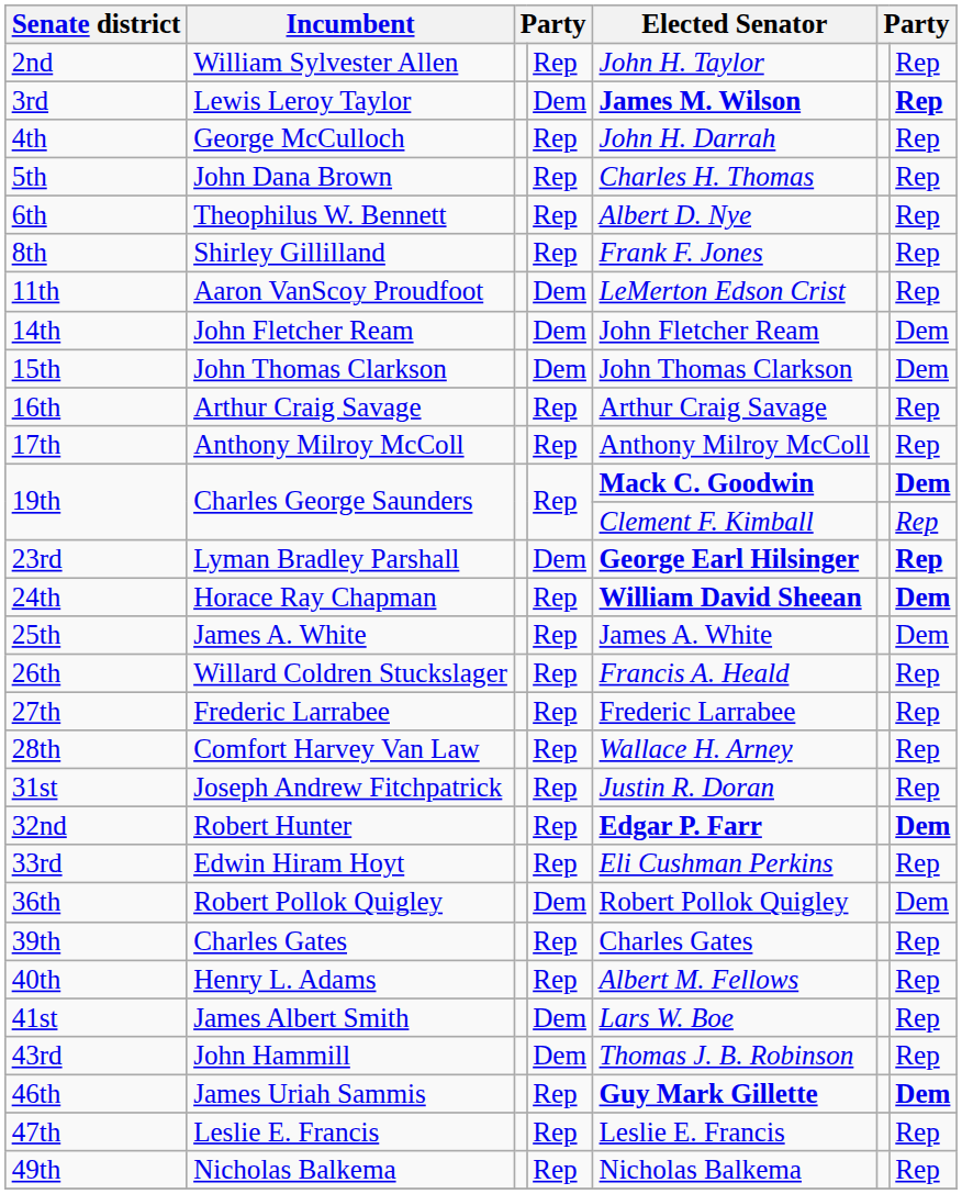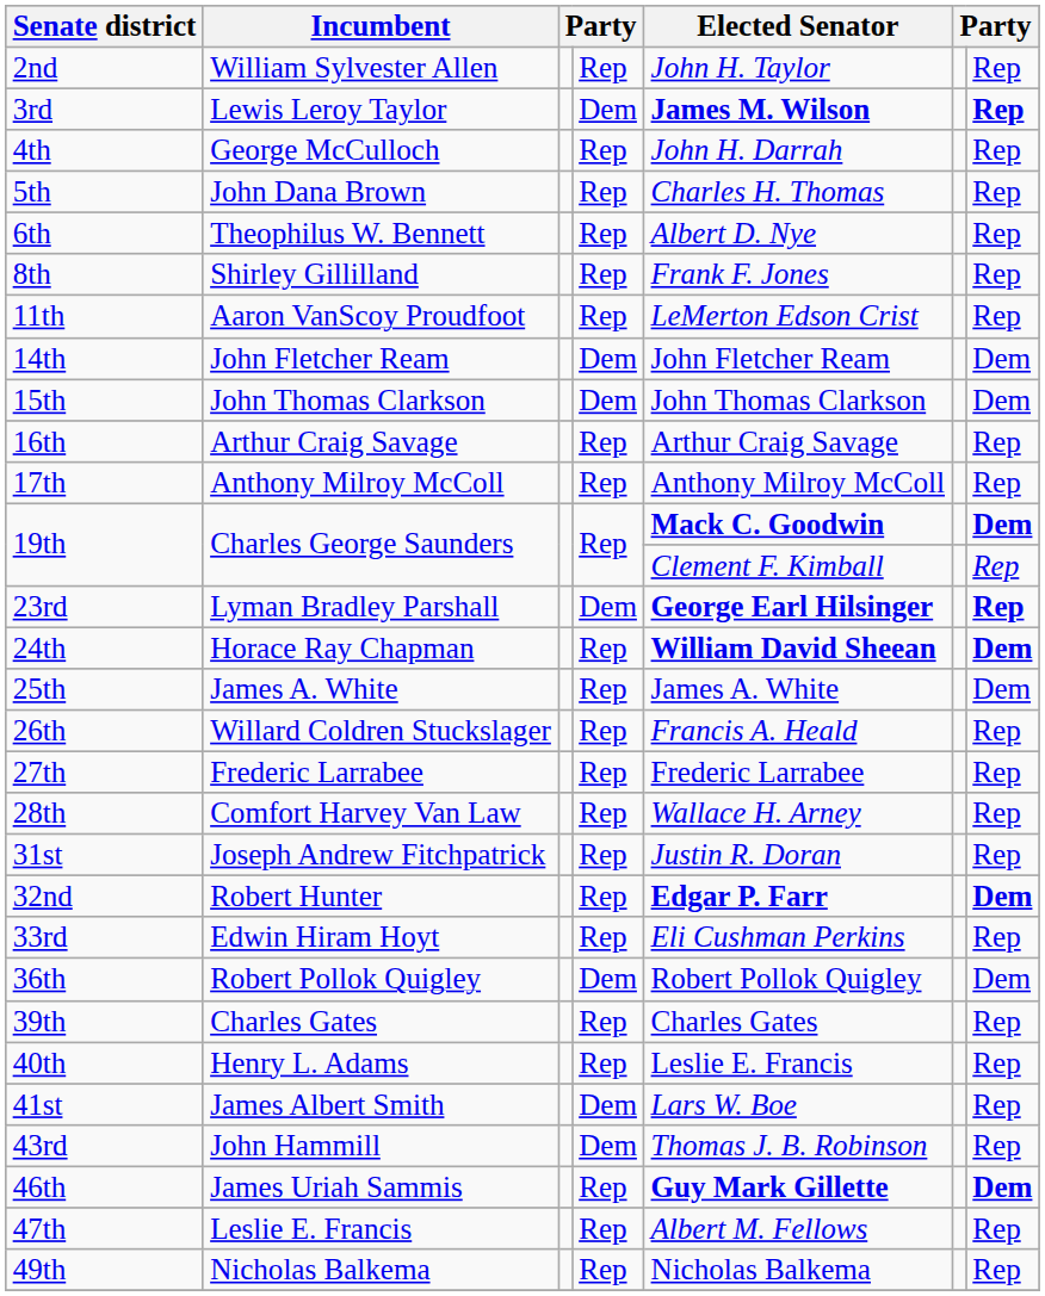 <table class="sortable wikitable" style="font-size:95%;line-height:14px;">
 <tr>
 <th class="sortable"><a href='#'>Senate</a> district</th>
 <th class="unsortable"><a href='#'>Incumbent</a></th>
 <th colspan="2">Party</th>
 <th class="unsortable">Elected Senator</th>
 <th colspan="2">Party</th>
 </tr>
 <tr>
 <td><a href='#'>2nd</a></td>
 <td><a href='#'>William Sylvester Allen</a></td>
 <td style="background:"></td>
 <td><a href='#'>Rep</a></td>
 <td><em><a href='#'>John H. Taylor</a></em></td>
 <td style="background:"></td>
 <td><a href='#'>Rep</a></td>
 </tr>
 <tr>
 <td><a href='#'>3rd</a></td>
 <td><a href='#'>Lewis Leroy Taylor</a></td>
 <td style="background:"></td>
 <td><a href='#'>Dem</a></td>
 <td><strong><a href='#'>James M. Wilson</a></strong></td>
 <td style="background:"></td>
 <td><strong><a href='#'>Rep</a></strong></td>
 </tr>
 <tr>
 <td><a href='#'>4th</a></td>
 <td><a href='#'>George McCulloch</a></td>
 <td style="background:"></td>
 <td><a href='#'>Rep</a></td>
 <td><em><a href='#'>John H. Darrah</a></em></td>
 <td style="background:"></td>
 <td><a href='#'>Rep</a></td>
 </tr>
 <tr>
 <td><a href='#'>5th</a></td>
 <td><a href='#'>John Dana Brown</a></td>
 <td style="background:"></td>
 <td><a href='#'>Rep</a></td>
 <td><em><a href='#'>Charles H. Thomas</a></em></td>
 <td style="background:"></td>
 <td><a href='#'>Rep</a></td>
 </tr>
 <tr>
 <td><a href='#'>6th</a></td>
 <td><a href='#'>Theophilus W. Bennett</a></td>
 <td style="background:"></td>
 <td><a href='#'>Rep</a></td>
 <td><em><a href='#'>Albert D. Nye</a></em></td>
 <td style="background:"></td>
 <td><a href='#'>Rep</a></td>
 </tr>
 <tr>
 <td><a href='#'>8th</a></td>
 <td><a href='#'>Shirley Gillilland</a></td>
 <td style="background:"></td>
 <td><a href='#'>Rep</a></td>
 <td><em><a href='#'>Frank F. Jones</a></em></td>
 <td style="background:"></td>
 <td><a href='#'>Rep</a></td>
 </tr>
 <tr>
 <td><a href='#'>11th</a></td>
 <td><a href='#'>Aaron VanScoy Proudfoot</a></td>
 <td style="background:"></td>
-<td><a href='#'>Dem</a></td>
+<td><a href='#'>Rep</a></td>
 <td><em><a href='#'>LeMerton Edson Crist</a></em></td>
 <td style="background:"></td>
 <td><a href='#'>Rep</a></td>
 </tr>
 <tr>
 <td><a href='#'>14th</a></td>
 <td><a href='#'>John Fletcher Ream</a></td>
 <td style="background:"></td>
 <td><a href='#'>Dem</a></td>
 <td><a href='#'>John Fletcher Ream</a></td>
 <td style="background:"></td>
 <td><a href='#'>Dem</a></td>
 </tr>
 <tr>
 <td><a href='#'>15th</a></td>
 <td><a href='#'>John Thomas Clarkson</a></td>
 <td style="background:"></td>
 <td><a href='#'>Dem</a></td>
 <td><a href='#'>John Thomas Clarkson</a></td>
 <td style="background:"></td>
 <td><a href='#'>Dem</a></td>
 </tr>
 <tr>
 <td><a href='#'>16th</a></td>
 <td><a href='#'>Arthur Craig Savage</a></td>
 <td style="background:"></td>
 <td><a href='#'>Rep</a></td>
 <td><a href='#'>Arthur Craig Savage</a></td>
 <td style="background:"></td>
 <td><a href='#'>Rep</a></td>
 </tr>
 <tr>
 <td><a href='#'>17th</a></td>
 <td><a href='#'>Anthony Milroy McColl</a></td>
 <td style="background:"></td>
 <td><a href='#'>Rep</a></td>
 <td><a href='#'>Anthony Milroy McColl</a></td>
 <td style="background:"></td>
 <td><a href='#'>Rep</a></td>
 </tr>
 <tr>
 <td rowspan="2"><a href='#'>19th</a></td>
 <td rowspan="2"><a href='#'>Charles George Saunders</a></td>
 <td rowspan="2" style="background:"></td>
 <td rowspan="2"><a href='#'>Rep</a></td>
 <td><strong><a href='#'>Mack C. Goodwin</a></strong></td>
 <td style="background:"></td>
 <td><strong><a href='#'>Dem</a></strong></td>
 </tr>
 <tr>
 <td><em><a href='#'>Clement F. Kimball</a></em></td>
 <td style="background:"></td>
 <td><em><a href='#'>Rep</a></em></td>
 </tr>
 <tr>
 <td><a href='#'>23rd</a></td>
 <td><a href='#'>Lyman Bradley Parshall</a></td>
 <td style="background:"></td>
 <td><a href='#'>Dem</a></td>
 <td><strong><a href='#'>George Earl Hilsinger</a></strong></td>
 <td style="background:"></td>
 <td><strong><a href='#'>Rep</a></strong></td>
 </tr>
 <tr>
 <td><a href='#'>24th</a></td>
 <td><a href='#'>Horace Ray Chapman</a></td>
 <td style="background:"></td>
 <td><a href='#'>Rep</a></td>
 <td><strong><a href='#'>William David Sheean</a></strong></td>
 <td style="background:"></td>
 <td><strong><a href='#'>Dem</a></strong></td>
 </tr>
 <tr>
 <td><a href='#'>25th</a></td>
 <td><a href='#'>James A. White</a></td>
 <td style="background:"></td>
 <td><a href='#'>Rep</a></td>
 <td><a href='#'>James A. White</a></td>
 <td style="background:"></td>
 <td><a href='#'>Dem</a></td>
 </tr>
 <tr>
 <td><a href='#'>26th</a></td>
 <td><a href='#'>Willard Coldren Stuckslager</a></td>
 <td style="background:"></td>
 <td><a href='#'>Rep</a></td>
 <td><em><a href='#'>Francis A. Heald</a></em></td>
 <td style="background:"></td>
 <td><a href='#'>Rep</a></td>
 </tr>
 <tr>
 <td><a href='#'>27th</a></td>
 <td><a href='#'>Frederic Larrabee</a></td>
 <td style="background:"></td>
 <td><a href='#'>Rep</a></td>
 <td><a href='#'>Frederic Larrabee</a></td>
 <td style="background:"></td>
 <td><a href='#'>Rep</a></td>
 </tr>
 <tr>
 <td><a href='#'>28th</a></td>
 <td><a href='#'>Comfort Harvey Van Law</a></td>
 <td style="background:"></td>
 <td><a href='#'>Rep</a></td>
 <td><em><a href='#'>Wallace H. Arney</a></em></td>
 <td style="background:"></td>
 <td><a href='#'>Rep</a></td>
 </tr>
 <tr>
 <td><a href='#'>31st</a></td>
 <td><a href='#'>Joseph Andrew Fitchpatrick</a></td>
 <td style="background:"></td>
 <td><a href='#'>Rep</a></td>
 <td><em><a href='#'>Justin R. Doran</a></em></td>
 <td style="background:"></td>
 <td><a href='#'>Rep</a></td>
 </tr>
 <tr>
 <td><a href='#'>32nd</a></td>
 <td><a href='#'>Robert Hunter</a></td>
 <td style="background:"></td>
 <td><a href='#'>Rep</a></td>
 <td><strong><a href='#'>Edgar P. Farr</a></strong></td>
 <td style="background:"></td>
 <td><strong><a href='#'>Dem</a></strong></td>
 </tr>
 <tr>
 <td><a href='#'>33rd</a></td>
 <td><a href='#'>Edwin Hiram Hoyt</a></td>
 <td style="background:"></td>
 <td><a href='#'>Rep</a></td>
 <td><em><a href='#'>Eli Cushman Perkins</a></em></td>
 <td style="background:"></td>
 <td><a href='#'>Rep</a></td>
 </tr>
 <tr>
 <td><a href='#'>36th</a></td>
 <td><a href='#'>Robert Pollok Quigley</a></td>
 <td style="background:"></td>
 <td><a href='#'>Dem</a></td>
 <td><a href='#'>Robert Pollok Quigley</a></td>
 <td style="background:"></td>
 <td><a href='#'>Dem</a></td>
 </tr>
 <tr>
 <td><a href='#'>39th</a></td>
 <td><a href='#'>Charles Gates</a></td>
 <td style="background:"></td>
 <td><a href='#'>Rep</a></td>
 <td><a href='#'>Charles Gates</a></td>
 <td style="background:"></td>
 <td><a href='#'>Rep</a></td>
 </tr>
 <tr>
 <td><a href='#'>40th</a></td>
 <td><a href='#'>Henry L. Adams</a></td>
 <td style="background:"></td>
 <td><a href='#'>Rep</a></td>
-<td><em><a href='#'>Albert M. Fellows</a></em></td>
+<td><a href='#'>Leslie E. Francis</a></td>
 <td style="background:"></td>
 <td><a href='#'>Rep</a></td>
 </tr>
 <tr>
 <td><a href='#'>41st</a></td>
 <td><a href='#'>James Albert Smith</a></td>
 <td style="background:"></td>
 <td><a href='#'>Dem</a></td>
 <td><em><a href='#'>Lars W. Boe</a></em></td>
 <td style="background:"></td>
 <td><a href='#'>Rep</a></td>
 </tr>
 <tr>
 <td><a href='#'>43rd</a></td>
 <td><a href='#'>John Hammill</a></td>
 <td style="background:"></td>
 <td><a href='#'>Dem</a></td>
 <td><em><a href='#'>Thomas J. B. Robinson</a></em></td>
 <td style="background:"></td>
 <td><a href='#'>Rep</a></td>
 </tr>
 <tr>
 <td><a href='#'>46th</a></td>
 <td><a href='#'>James Uriah Sammis</a></td>
 <td style="background:"></td>
 <td><a href='#'>Rep</a></td>
 <td><strong><a href='#'>Guy Mark Gillette</a></strong></td>
 <td style="background:"></td>
 <td><strong><a href='#'>Dem</a></strong></td>
 </tr>
 <tr>
 <td><a href='#'>47th</a></td>
 <td><a href='#'>Leslie E. Francis</a></td>
 <td style="background:"></td>
 <td><a href='#'>Rep</a></td>
-<td><a href='#'>Leslie E. Francis</a></td>
+<td><em><a href='#'>Albert M. Fellows</a></em></td>
 <td style="background:"></td>
 <td><a href='#'>Rep</a></td>
 </tr>
 <tr>
 <td><a href='#'>49th</a></td>
 <td><a href='#'>Nicholas Balkema</a></td>
 <td style="background:"></td>
 <td><a href='#'>Rep</a></td>
 <td><a href='#'>Nicholas Balkema</a></td>
 <td style="background:"></td>
 <td><a href='#'>Rep</a></td>
 </tr>
 <tr>
 </tr>
 </table>
